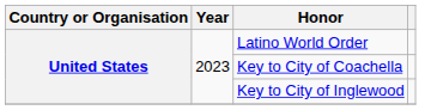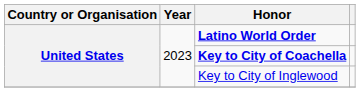 <table class="wikitable plainrowheaders sortable" style="margin-right: 0;">
 <tr>
 <th scope="col">Country or Organisation</th>
 <th scope="col">Year</th>
 <th scope="col">Honor</th>
 <th scope="col" class="unsortable"></th>
 </tr>
 <tr>
 <th scope="row" rowspan="3"><a href='#'>United States</a></th>
 <td rowspan="3">2023</td>
-<td><a href='#'>Latino World Order</a></td>
+<td><strong><a href='#'>Latino World Order</a></strong></td>
 <td style="text-align:center;"></td>
 </tr>
 <tr>
-<td><a href='#'>Key to City of Coachella</a></td>
+<td><strong><a href='#'>Key to City of Coachella</a></strong></td>
 <td style="text-align:center;"></td>
 </tr>
 <tr>
 <td><a href='#'>Key to City of Inglewood</a></td>
 <td style="text-align:center;"></td>
 </tr>
 <tr>
 </tr>
 </table>
